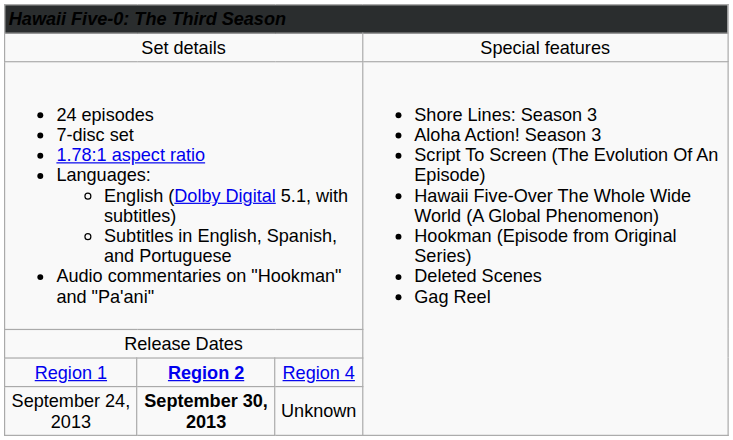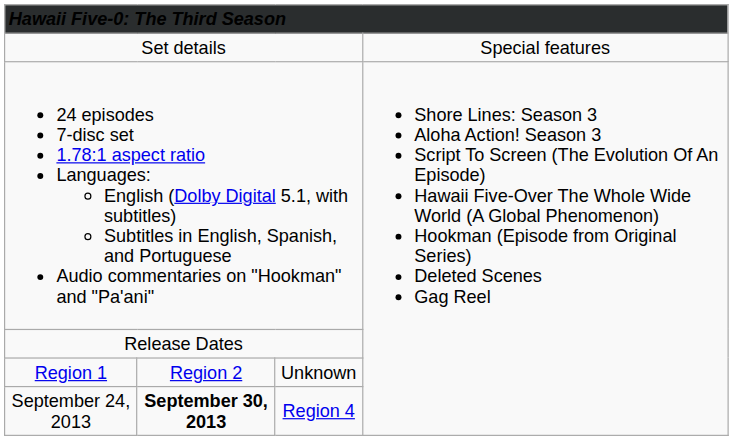 <table class="wikitable" style="font-size: 95%;">
 <tr style="background:#2a2d2e">
 <td colspan="5"><span> <strong><em>Hawaii Five-0<em>: The Third Season<strong></span></td>
 </tr>
 <tr valign="top">
 <td align="center" width="400" colspan="3"></strong>Set details<strong></td>
 <td width="300" align="center"></strong>Special features<strong></td>
 </tr>
 <tr valign="top">
 <td colspan="3" align="left" width="400"><br><ul><li>24 episodes</li><li>7-disc set</li><li><a href='#'>1.78:1 aspect ratio</a></li><li>Languages:<ul><li>English (<a href='#'>Dolby Digital</a> 5.1, with subtitles)</li><li>Subtitles in English, Spanish, and Portuguese</li></ul></li><li>Audio commentaries on "Hookman" and "Pa'ani"</li></ul></td>
 <td rowspan="4" align="left" width="300"><br><ul><li>Shore Lines: Season 3</li><li>Aloha Action! Season 3</li><li>Script To Screen (The Evolution Of An Episode)</li><li>Hawaii Five-Over The Whole Wide World (A Global Phenomenon)</li><li>Hookman (Episode from Original Series)</li><li>Deleted Scenes</li><li>Gag Reel</li></ul></td>
 </tr>
 <tr>
 <td colspan="3" align="center"></strong>Release Dates<strong></td>
 </tr>
 <tr>
 <td align="center"><a href='#'>Region 1</a></td>
-<td align="center"><strong><a href='#'>Region 2</a></strong></td>
-<td align="center"><a href='#'>Region 4</a></td>
+<td align="center"><a href='#'>Region 2</a></td>
+<td align="center">Unknown</td>
 </tr>
 <tr>
 <td align="center">September 24, 2013</td>
 <td align="center"><strong>September 30, 2013</strong></td>
-<td align="center">Unknown</td>
+<td align="center"><a href='#'>Region 4</a></td>
 </tr>
 </table>
